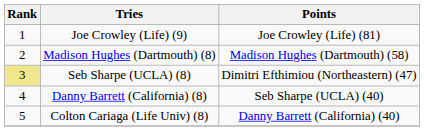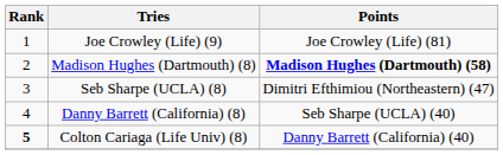 <table class=wikitable>
 <tr>
 <th>Rank</th>
 <th>Tries</th>
 <th>Points</th>
 </tr>
 <tr>
 <td align=center>1</td>
 <td align=center>Joe Crowley (Life) (9)</td>
 <td align=center>Joe Crowley (Life) (81)</td>
 </tr>
 <tr>
 <td align=center>2</td>
 <td align=center><a href='#'>Madison Hughes</a> (Dartmouth) (8)</td>
-<td align=center><a href='#'>Madison Hughes</a> (Dartmouth) (58)</td>
+<td align=center><strong><a href='#'>Madison Hughes</a> (Dartmouth) (58)</strong></td>
 </tr>
 <tr>
-<td align=center style="background: khaki;">3</td>
+<td align=center>3</td>
 <td align=center>Seb Sharpe (UCLA) (8)</td>
 <td align=center>Dimitri Efthimiou (Northeastern) (47)</td>
 </tr>
 <tr>
 <td align=center>4</td>
 <td align=center><a href='#'>Danny Barrett</a> (California) (8)</td>
 <td align=center>Seb Sharpe (UCLA) (40)</td>
 </tr>
 <tr>
-<td align=center>5</td>
+<td align=center><strong>5</strong></td>
 <td align=center>Colton Cariaga (Life Univ) (8)</td>
 <td align=center><a href='#'>Danny Barrett</a> (California) (40)</td>
 </tr>
 <tr>
 </tr>
 </table>
